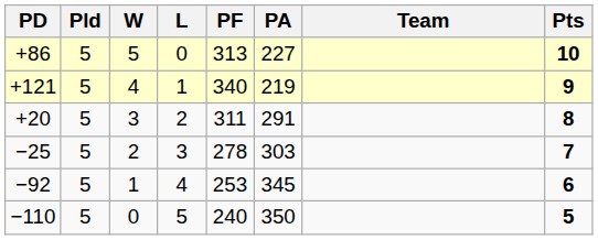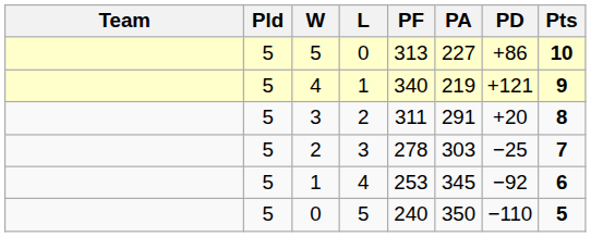 <table class="wikitable" style="text-align:center;">
 <tr>
-<th width=30>PD</th>
+<th width=180>Team</th>
 <th width=30>Pld</th>
 <th width=30>W</th>
 <th width=30>L</th>
 <th width=30>PF</th>
 <th width=30>PA</th>
-<th width=180>Team</th>
+<th width=30>PD</th>
 <th width=30>Pts</th>
 </tr>
 <tr align=center bgcolor="#ffffcc">
-<td>+86</td>
+<td align=left></td>
 <td>5</td>
 <td>5</td>
 <td>0</td>
 <td>313</td>
 <td>227</td>
-<td align=left></td>
+<td>+86</td>
 <td><strong>10</strong></td>
 </tr>
 <tr align=center bgcolor="#ffffcc">
-<td>+121</td>
+<td align=left></td>
 <td>5</td>
 <td>4</td>
 <td>1</td>
 <td>340</td>
 <td>219</td>
-<td align=left></td>
+<td>+121</td>
 <td><strong>9</strong></td>
 </tr>
 <tr align=center>
-<td>+20</td>
+<td align=left></td>
 <td>5</td>
 <td>3</td>
 <td>2</td>
 <td>311</td>
 <td>291</td>
-<td align=left></td>
+<td>+20</td>
 <td><strong>8</strong></td>
 </tr>
 <tr align=center>
-<td>−25</td>
+<td align=left></td>
 <td>5</td>
 <td>2</td>
 <td>3</td>
 <td>278</td>
 <td>303</td>
-<td align=left></td>
+<td>−25</td>
 <td><strong>7</strong></td>
 </tr>
 <tr align=center>
-<td>−92</td>
+<td align=left></td>
 <td>5</td>
 <td>1</td>
 <td>4</td>
 <td>253</td>
 <td>345</td>
-<td align=left></td>
+<td>−92</td>
 <td><strong>6</strong></td>
 </tr>
 <tr align=center>
-<td>−110</td>
+<td align=left></td>
 <td>5</td>
 <td>0</td>
 <td>5</td>
 <td>240</td>
 <td>350</td>
-<td align=left></td>
+<td>−110</td>
 <td><strong>5</strong></td>
 </tr>
 </table>
